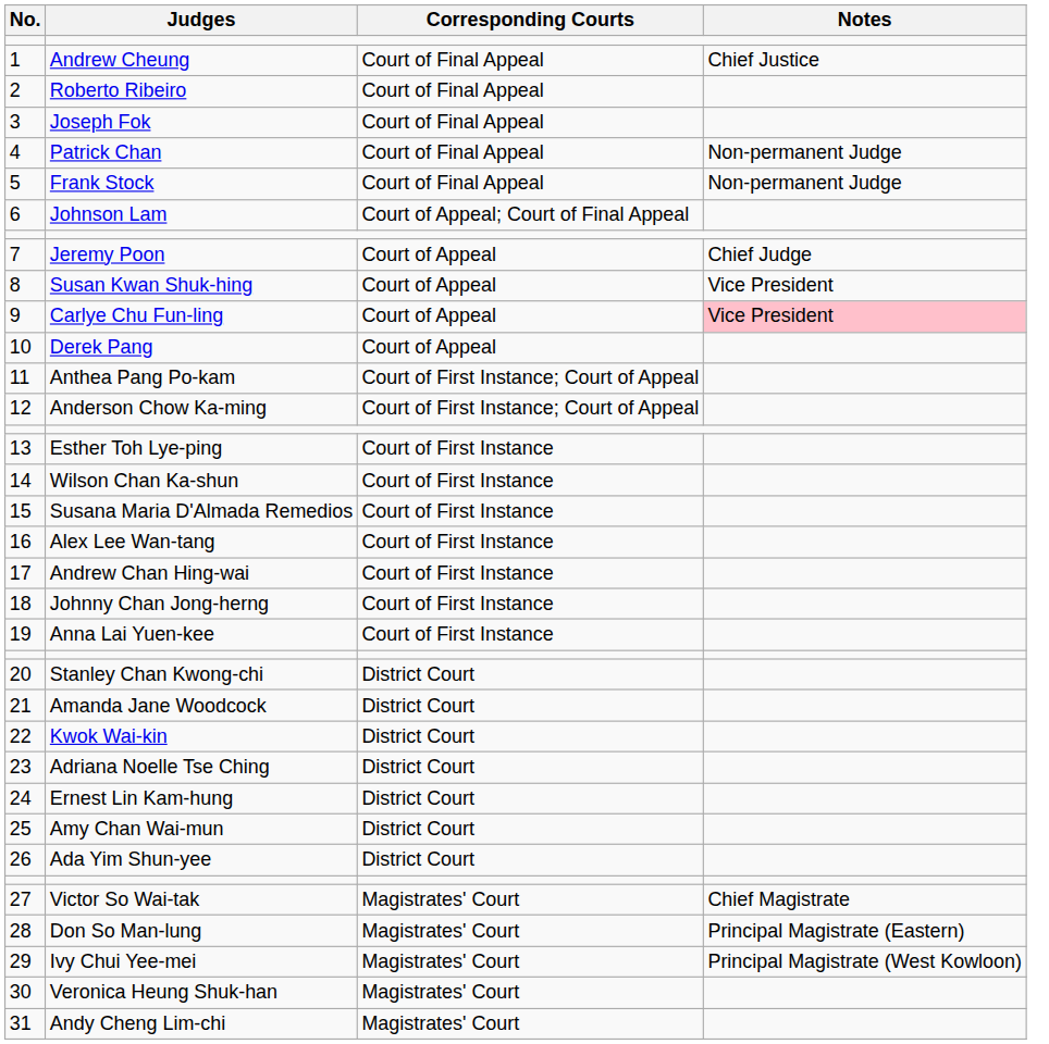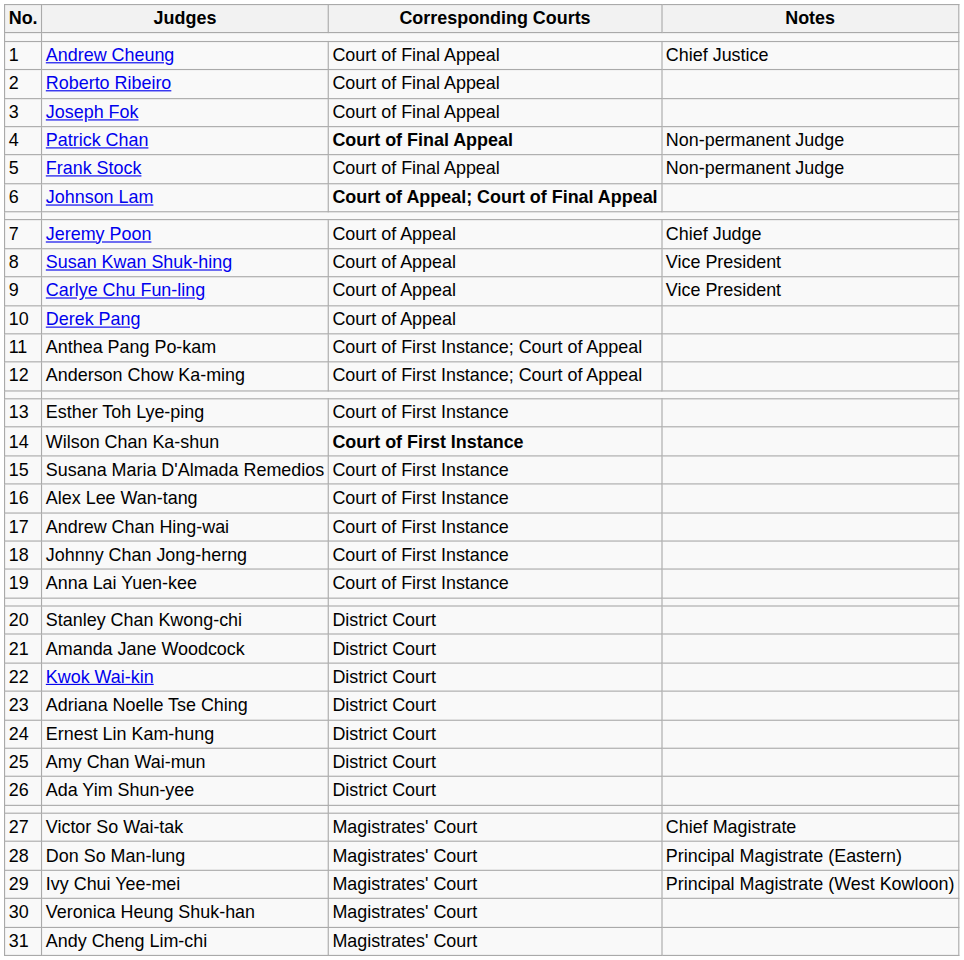 <table class="wikitable">
 <tr>
 <th>No.</th>
 <th>Judges</th>
 <th>Corresponding Courts</th>
 <th>Notes</th>
 </tr>
 <tr>
 <td></td>
 <td colspan="3"></td>
 </tr>
 <tr>
 <td>1</td>
 <td><a href='#'>Andrew Cheung</a></td>
 <td>Court of Final Appeal</td>
 <td>Chief Justice</td>
 </tr>
 <tr>
 <td>2</td>
 <td><a href='#'>Roberto Ribeiro</a></td>
 <td>Court of Final Appeal</td>
 <td></td>
 </tr>
 <tr>
 <td>3</td>
 <td><a href='#'>Joseph Fok</a></td>
 <td>Court of Final Appeal</td>
 <td></td>
 </tr>
 <tr>
 <td>4</td>
 <td><a href='#'>Patrick Chan</a></td>
-<td>Court of Final Appeal</td>
+<td><strong>Court of Final Appeal</strong></td>
 <td>Non-permanent Judge</td>
 </tr>
 <tr>
 <td>5</td>
 <td><a href='#'>Frank Stock</a></td>
 <td>Court of Final Appeal</td>
 <td>Non-permanent Judge</td>
 </tr>
 <tr>
 <td>6</td>
 <td><a href='#'>Johnson Lam</a></td>
-<td>Court of Appeal; Court of Final Appeal</td>
+<td><strong>Court of Appeal; Court of Final Appeal</strong></td>
 <td></td>
 </tr>
 <tr>
 <td></td>
 <td colspan="3"></td>
 </tr>
 <tr>
 <td>7</td>
 <td><a href='#'>Jeremy Poon</a></td>
 <td>Court of Appeal</td>
 <td>Chief Judge</td>
 </tr>
 <tr>
 <td>8</td>
 <td><a href='#'>Susan Kwan Shuk-hing</a></td>
 <td>Court of Appeal</td>
 <td>Vice President</td>
 </tr>
 <tr>
 <td>9</td>
 <td><a href='#'>Carlye Chu Fun-ling</a></td>
 <td>Court of Appeal</td>
-<td style="background: pink;">Vice President</td>
+<td>Vice President</td>
 </tr>
 <tr>
 <td>10</td>
 <td><a href='#'>Derek Pang</a></td>
 <td>Court of Appeal</td>
 <td></td>
 </tr>
 <tr>
 <td>11</td>
 <td>Anthea Pang Po-kam</td>
 <td>Court of First Instance; Court of Appeal</td>
 <td></td>
 </tr>
 <tr>
 <td>12</td>
 <td>Anderson Chow Ka-ming</td>
 <td>Court of First Instance; Court of Appeal</td>
 <td></td>
 </tr>
 <tr>
 <td></td>
 <td colspan="3"></td>
 </tr>
 <tr>
 <td>13</td>
 <td>Esther Toh Lye-ping</td>
 <td>Court of First Instance</td>
 <td></td>
 </tr>
 <tr>
 <td>14</td>
 <td>Wilson Chan Ka-shun</td>
-<td>Court of First Instance</td>
+<td><strong>Court of First Instance</strong></td>
 <td></td>
 </tr>
 <tr>
 <td>15</td>
 <td>Susana Maria D'Almada Remedios</td>
 <td>Court of First Instance</td>
 <td></td>
 </tr>
 <tr>
 <td>16</td>
 <td>Alex Lee Wan-tang</td>
 <td>Court of First Instance</td>
 <td></td>
 </tr>
 <tr>
 <td>17</td>
 <td>Andrew Chan Hing-wai</td>
 <td>Court of First Instance</td>
 <td></td>
 </tr>
 <tr>
 <td>18</td>
 <td>Johnny Chan Jong-herng</td>
 <td>Court of First Instance</td>
 <td></td>
 </tr>
 <tr>
 <td>19</td>
 <td>Anna Lai Yuen-kee</td>
 <td>Court of First Instance</td>
 <td></td>
 </tr>
 <tr>
 <td></td>
 <td></td>
 <td></td>
 <td></td>
 </tr>
 <tr>
 <td>20</td>
 <td>Stanley Chan Kwong-chi</td>
 <td>District Court</td>
 <td></td>
 </tr>
 <tr>
 <td>21</td>
 <td>Amanda Jane Woodcock</td>
 <td>District Court</td>
 <td></td>
 </tr>
 <tr>
 <td>22</td>
 <td><a href='#'>Kwok Wai-kin</a></td>
 <td>District Court</td>
 <td></td>
 </tr>
 <tr>
 <td>23</td>
 <td>Adriana Noelle Tse Ching</td>
 <td>District Court</td>
 <td></td>
 </tr>
 <tr>
 <td>24</td>
 <td>Ernest Lin Kam-hung</td>
 <td>District Court</td>
 <td></td>
 </tr>
 <tr>
 <td>25</td>
 <td>Amy Chan Wai-mun</td>
 <td>District Court</td>
 <td></td>
 </tr>
 <tr>
 <td>26</td>
 <td>Ada Yim Shun-yee</td>
 <td>District Court</td>
 <td></td>
 </tr>
 <tr>
 <td></td>
 <td></td>
 <td></td>
 <td></td>
 </tr>
 <tr>
 <td>27</td>
 <td>Victor So Wai-tak</td>
 <td>Magistrates' Court</td>
 <td>Chief Magistrate</td>
 </tr>
 <tr>
 <td>28</td>
 <td>Don So Man-lung</td>
 <td>Magistrates' Court</td>
 <td>Principal Magistrate (Eastern)</td>
 </tr>
 <tr>
 <td>29</td>
 <td>Ivy Chui Yee-mei</td>
 <td>Magistrates' Court</td>
 <td>Principal Magistrate (West Kowloon)</td>
 </tr>
 <tr>
 <td>30</td>
 <td>Veronica Heung Shuk-han</td>
 <td>Magistrates' Court</td>
 <td></td>
 </tr>
 <tr>
 <td>31</td>
 <td>Andy Cheng Lim-chi</td>
 <td>Magistrates' Court</td>
 <td></td>
 </tr>
 </table>
